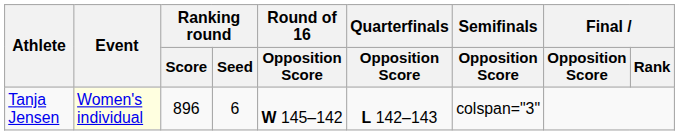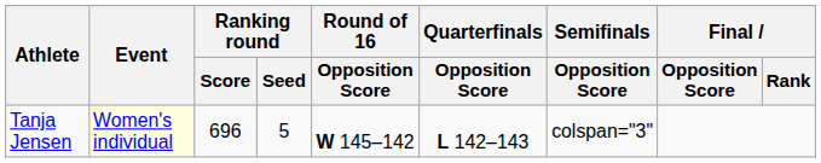 <table class="wikitable" style="text-align:center; font-size:90%">
 <tr>
 <th rowspan="2">Athlete</th>
 <th rowspan="2">Event</th>
 <th colspan="2">Ranking round</th>
 <th>Round of 16</th>
 <th>Quarterfinals</th>
 <th>Semifinals</th>
 <th colspan="2">Final / </th>
 </tr>
 <tr style="font-size:95%">
 <th>Score</th>
 <th>Seed</th>
 <th>Opposition<br>Score</th>
 <th>Opposition<br>Score</th>
 <th>Opposition<br>Score</th>
 <th>Opposition<br>Score</th>
 <th>Rank</th>
 </tr>
 <tr>
 <td align="left"><a href='#'>Tanja Jensen</a></td>
 <td align="left" style="background: lightyellow;"><a href='#'>Women's individual</a></td>
-<td>896</td>
-<td>6</td>
+<td>696</td>
+<td>5</td>
 <td><br><strong>W</strong> 145–142</td>
 <td><br><strong>L</strong> 142–143</td>
 <td>colspan="3" </td>
 </tr>
 </table>
